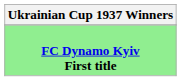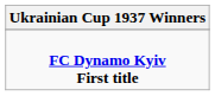 <table class="wikitable" style="text-align: center; margin: 0 auto;">
 <tr>
 <th>Ukrainian Cup 1937 Winners</th>
 </tr>
 <tr>
 </tr>
 <tr>
-<td style="background: lightgreen;"><br><strong><a href='#'>FC Dynamo Kyiv</a></strong><br><strong>First title</strong></td>
+<td><br><strong><a href='#'>FC Dynamo Kyiv</a></strong><br><strong>First title</strong></td>
 </tr>
 </table>
